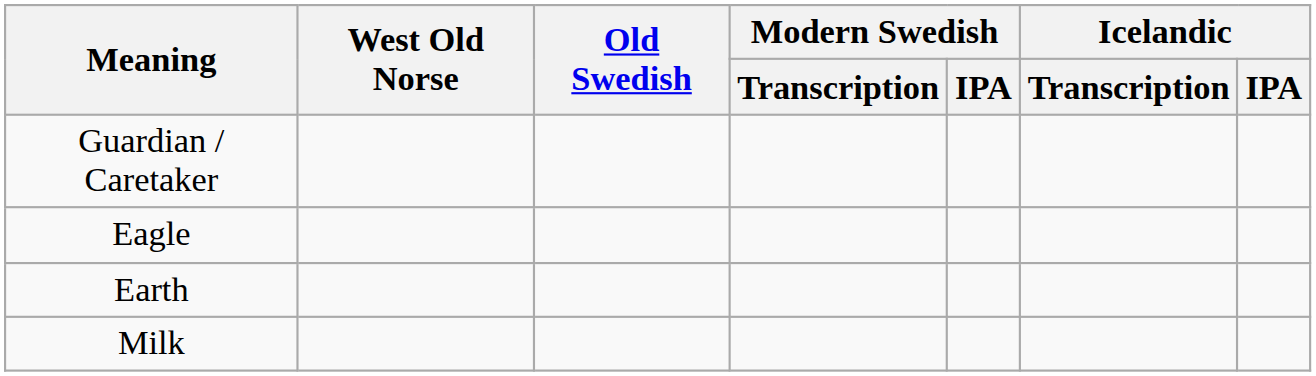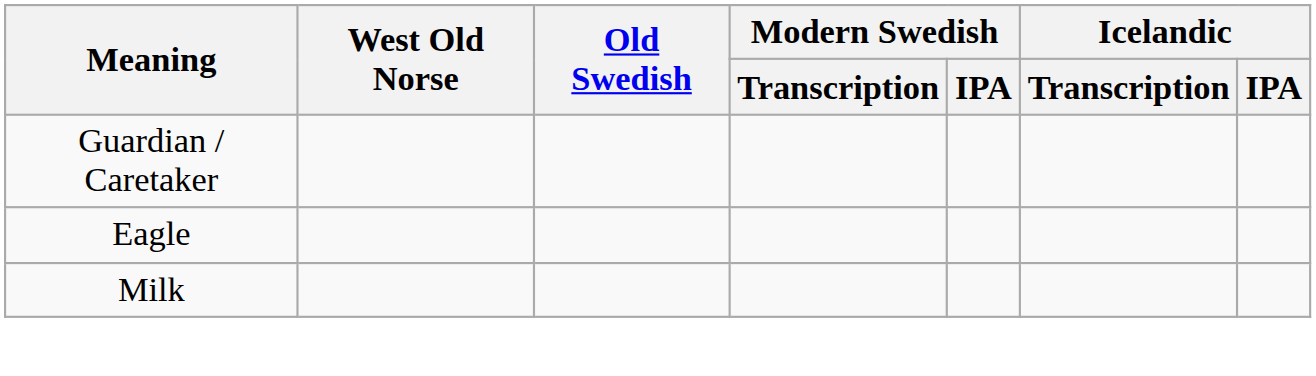 <table class="wikitable" style="text-align: center">
 <tr>
 <th scope="col" rowspan=2>Meaning</th>
 <th ! scope="col" rowspan=2>West Old Norse</th>
 <th ! scope="col" rowspan=2><a href='#'>Old Swedish</a></th>
 <th ! scope="col" colspan=2>Modern Swedish</th>
 <th ! scope="col" colspan=2>Icelandic</th>
 </tr>
 <tr>
 <th scope="col">Transcription</th>
 <th scope="col">IPA</th>
 <th scope="col">Transcription</th>
 <th scope="col">IPA</th>
 </tr>
 <tr>
 <td>Guardian / Caretaker</td>
 <td></td>
 <td></td>
 <td></td>
 <td></td>
 <td></td>
 <td></td>
 </tr>
 <tr>
 <td>Eagle</td>
 <td></td>
 <td></td>
 <td></td>
 <td></td>
 <td></td>
 <td></td>
 </tr>
 <tr>
-<td>Earth</td>
-<td></td>
-<td></td>
-<td> </td>
-<td></td>
-<td></td>
-<td></td>
-</tr>
-<tr>
 <td>Milk</td>
 <td></td>
 <td></td>
 <td> </td>
 <td></td>
 <td></td>
 <td></td>
 </tr>
 </table>
